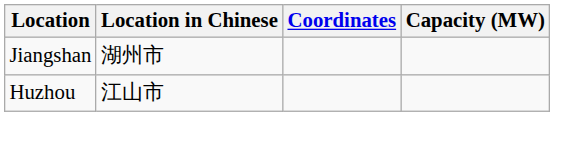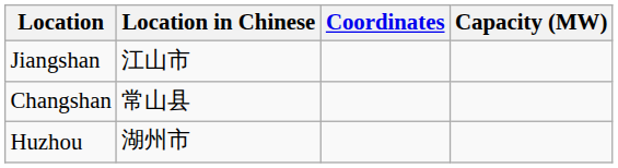 <table class="wikitable sortable">
 <tr>
 <th>Location</th>
 <th>Location in Chinese</th>
 <th><a href='#'>Coordinates</a></th>
 <th>Capacity (MW)</th>
 </tr>
 <tr>
 <td>Jiangshan</td>
-<td>湖州市</td>
+<td>江山市</td>
+<td></td>
+<td></td>
+</tr>
+<tr>
+<td>Changshan</td>
+<td>常山县</td>
 <td></td>
 <td></td>
 </tr>
 <tr>
 <td>Huzhou</td>
-<td>江山市</td>
+<td>湖州市</td>
 <td><br>        </td>
 <td></td>
 </tr>
 </table>
